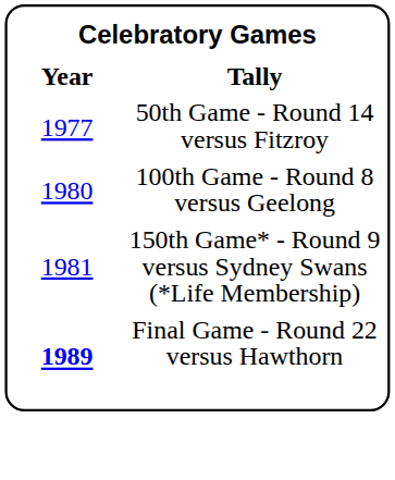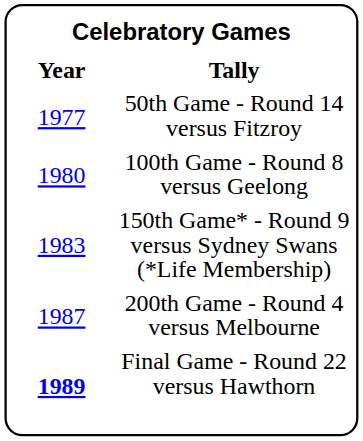 <table style="margin-right:4px; margin-top:8px; float:right; border:1px #000 solid; border-radius:8px; background:#fff; font-family:Verdana; font-size:8pt; text-align:center;">
 <tr style="background:#fff;">
 <td colspan="2;" style="padding:3px; margin-bottom:-3px; margin-top:2px; font-family:Arial; "><strong>Celebratory Games</strong></td>
 </tr>
 <tr>
 <th style="width:30%;">Year</th>
 <th style="width:70%;">Tally</th>
 </tr>
 <tr>
 <td><a href='#'>1977</a></td>
 <td>50th Game - Round 14<br>versus Fitzroy</td>
 </tr>
 <tr>
 <td><a href='#'>1980</a></td>
 <td>100th Game - Round 8<br>versus Geelong</td>
 </tr>
 <tr>
-<td><a href='#'>1981</a></td>
+<td><a href='#'>1983</a></td>
 <td>150th Game* - Round 9<br>versus Sydney Swans<br>(*Life Membership)</td>
+</tr>
+<tr>
+<td><a href='#'>1987</a></td>
+<td>200th Game - Round 4<br>versus Melbourne</td>
 </tr>
 <tr>
 <td><strong><a href='#'>1989</a></strong></td>
 <td>Final Game - Round 22<br>versus Hawthorn<br><br></td>
 </tr>
 <tr>
 </tr>
 </table>
